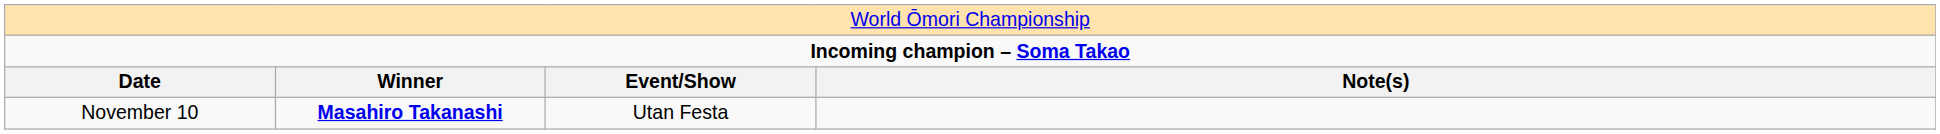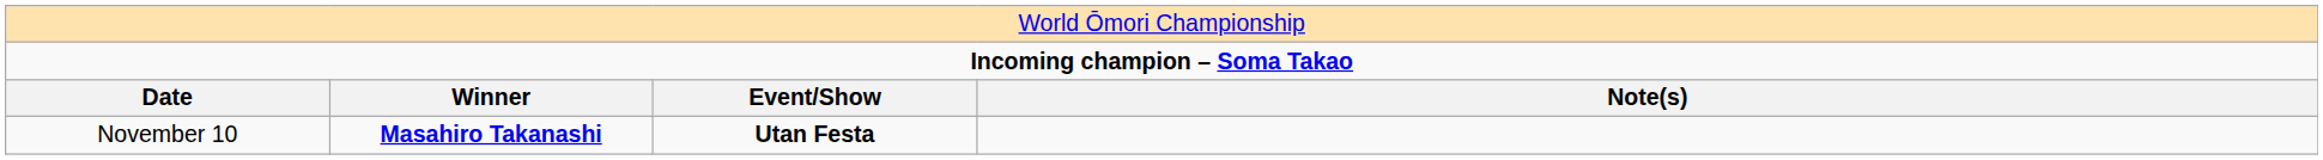 <table class="wikitable" style="text-align:center; width:100%;">
 <tr style="background:#ffe3af;">
 <td colspan="4" style="text-align: center;"><a href='#'>World Ōmori Championship</a></td>
 </tr>
 <tr>
 <td colspan="4" style="text-align: center;"><strong>Incoming champion – <a href='#'>Soma Takao</a></strong></td>
 </tr>
 <tr>
 <th width=14%>Date</th>
 <th width=14%>Winner</th>
 <th width=14%>Event/Show</th>
 <th width=58%>Note(s)</th>
 </tr>
 <tr>
 <td>November 10</td>
 <td><strong><a href='#'>Masahiro Takanashi</a></strong></td>
-<td>Utan Festa</td>
+<td><strong>Utan Festa</strong></td>
 <td></td>
 </tr>
 </table>
